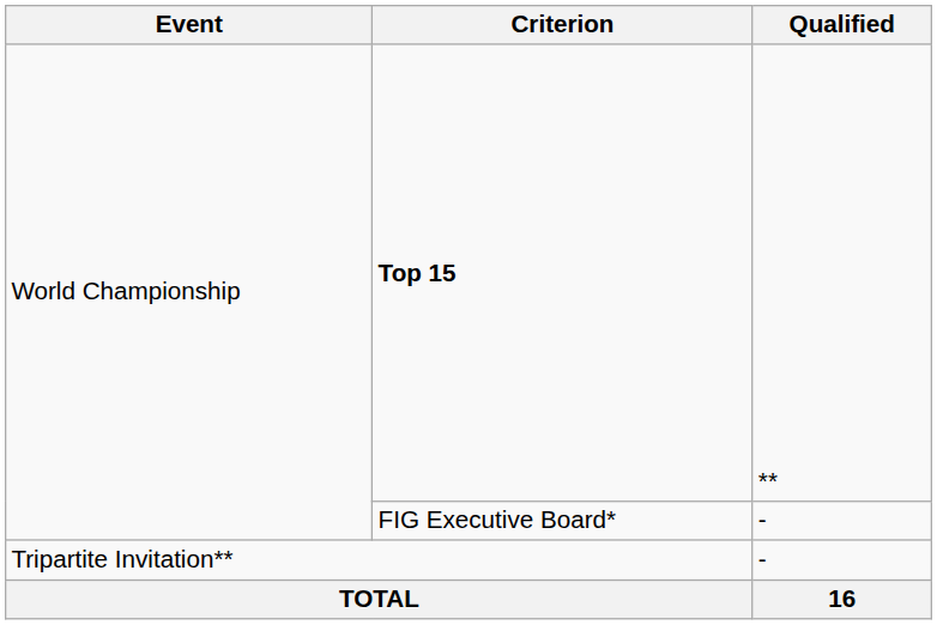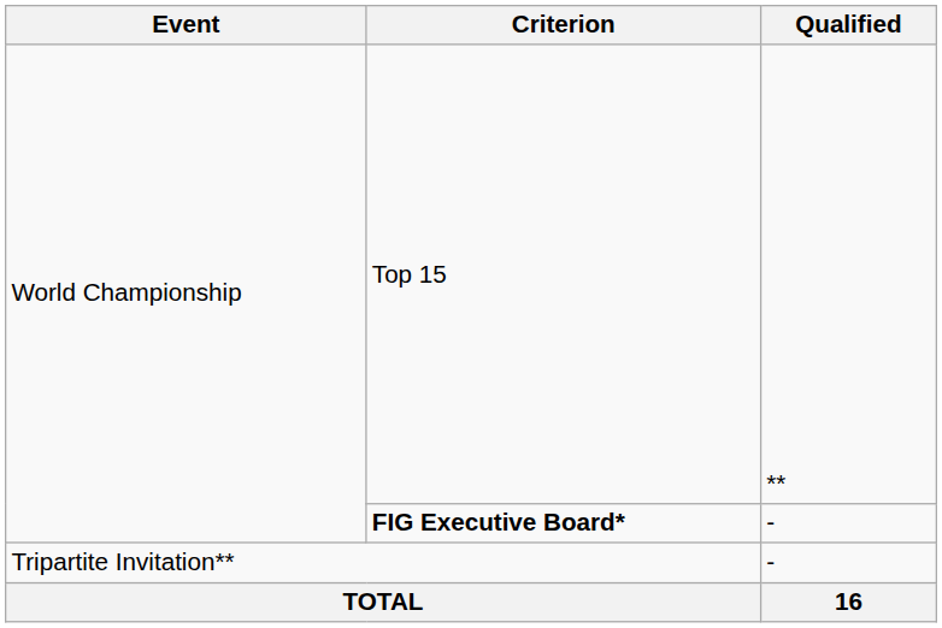 <table class="wikitable" width=600>
 <tr>
 <th>Event</th>
 <th>Criterion</th>
 <th>Qualified</th>
 </tr>
 <tr>
 <td rowspan="2">World Championship</td>
-<td><strong>Top 15</strong></td>
+<td>Top 15</td>
 <td> <br>  <br>  <br>  <br>  <br>  <br>  <br>  <br>  <br>  <br>  <br>  <br>  <br>  <br>  <br> **</td>
 </tr>
 <tr>
-<td>FIG Executive Board*</td>
+<td><strong>FIG Executive Board*</strong></td>
 <td>-</td>
 </tr>
 <tr>
 <td colspan="2">Tripartite Invitation**</td>
 <td>-</td>
 </tr>
 <tr>
 <th colspan="2">TOTAL</th>
 <th>16</th>
 </tr>
 </table>
